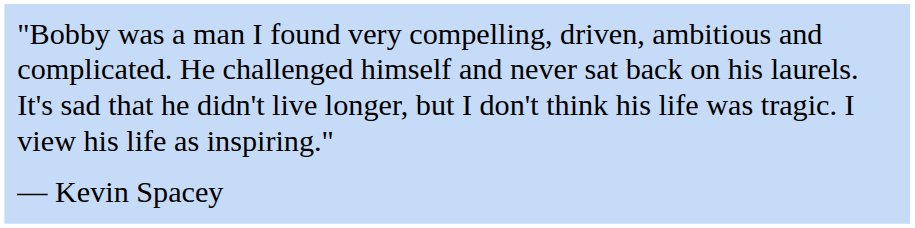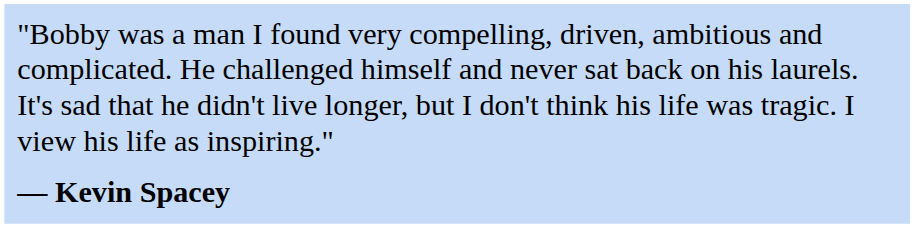 <table class="toccolours" style="float: right; margin-left: 1em; margin-right: 2em; font-size: 85%; background:#c6dbf7; color:black; width:30em; max-width: 40%;" cellspacing="5">
 <tr>
 <td style="text-align: left;">"Bobby was a man I found very compelling, driven, ambitious and complicated. He challenged himself and never sat back on his laurels. It's sad that he didn't live longer, but I don't think his life was tragic. I view his life as inspiring."</td>
 </tr>
 <tr>
-<td style="text-align: left;">— Kevin Spacey</td>
+<td style="text-align: left;"><strong>— Kevin Spacey</strong></td>
 </tr>
 </table>
